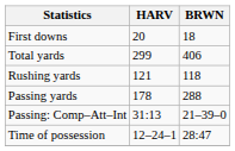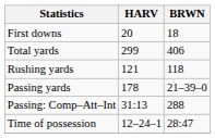 <table class="wikitable" style="float: left;">
 <tr>
 <th>Statistics</th>
 <th>HARV</th>
 <th>BRWN</th>
 </tr>
 <tr>
 <td>First downs</td>
 <td>20</td>
 <td>18</td>
 </tr>
 <tr>
 <td>Total yards</td>
 <td>299</td>
 <td>406</td>
 </tr>
 <tr>
 <td>Rushing yards</td>
 <td>121</td>
 <td>118</td>
 </tr>
 <tr>
 <td>Passing yards</td>
 <td>178</td>
-<td>288</td>
+<td>21–39–0</td>
 </tr>
 <tr>
 <td>Passing: Comp–Att–Int</td>
 <td>31:13</td>
-<td>21–39–0</td>
+<td>288</td>
 </tr>
 <tr>
 <td>Time of possession</td>
 <td>12–24–1</td>
 <td>28:47</td>
 </tr>
 <tr>
 </tr>
 </table>
